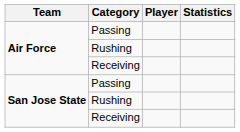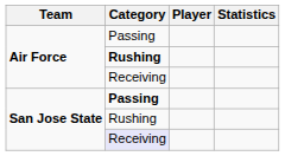 <table class="wikitable" style="float: right;">
 <tr>
 <th>Team</th>
 <th>Category</th>
 <th>Player</th>
 <th>Statistics</th>
 </tr>
 <tr>
 <td rowspan=3><strong>Air Force</strong></td>
 <td>Passing</td>
 <td></td>
 <td></td>
 </tr>
 <tr>
-<td>Rushing</td>
+<td><strong>Rushing</strong></td>
 <td></td>
 <td></td>
 </tr>
 <tr>
 <td>Receiving</td>
 <td></td>
 <td></td>
 </tr>
 <tr>
 <td rowspan=3><strong>San Jose State</strong></td>
-<td>Passing</td>
+<td><strong>Passing</strong></td>
 <td></td>
 <td></td>
 </tr>
 <tr>
 <td>Rushing</td>
 <td></td>
 <td></td>
 </tr>
 <tr>
-<td>Receiving</td>
+<td style="background: lavender;">Receiving</td>
 <td></td>
 <td></td>
 </tr>
 </table>
